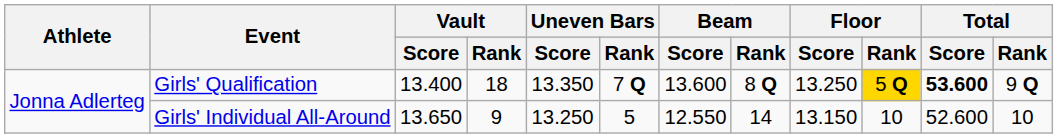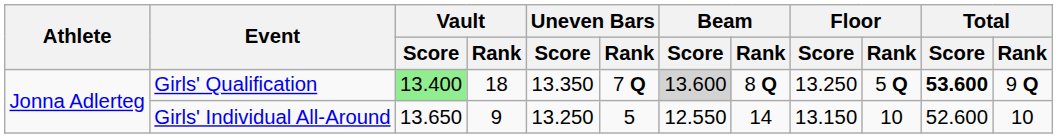 <table class="wikitable" border="1" style="font-size:90%">
 <tr>
 <th rowspan=2>Athlete</th>
 <th rowspan=2>Event</th>
 <th colspan=2>Vault</th>
 <th colspan=2>Uneven Bars</th>
 <th colspan=2>Beam</th>
 <th colspan=2>Floor</th>
 <th colspan=2>Total</th>
 </tr>
 <tr>
 <th>Score</th>
 <th>Rank</th>
 <th>Score</th>
 <th>Rank</th>
 <th>Score</th>
 <th>Rank</th>
 <th>Score</th>
 <th>Rank</th>
 <th>Score</th>
 <th>Rank</th>
 </tr>
 <tr>
 <td rowspan=2><a href='#'>Jonna Adlerteg</a></td>
 <td><a href='#'>Girls' Qualification</a></td>
-<td align=center>13.400</td>
+<td align=center style="background: lightgreen;">13.400</td>
 <td align=center>18</td>
 <td align=center>13.350</td>
 <td align=center>7 <strong>Q</strong></td>
-<td align=center>13.600</td>
+<td align=center style="background: lightgrey;">13.600</td>
 <td align=center>8 <strong>Q</strong></td>
 <td align=center>13.250</td>
-<td align=center style="background: gold;">5 <strong>Q</strong></td>
+<td align=center>5 <strong>Q</strong></td>
 <td align=center><strong>53.600</strong></td>
 <td align=center>9 <strong>Q</strong></td>
 </tr>
 <tr>
 <td><a href='#'>Girls' Individual All-Around</a></td>
 <td align=center>13.650</td>
 <td align=center>9</td>
 <td align=center>13.250</td>
 <td align=center>5</td>
 <td align=center>12.550</td>
 <td align=center>14</td>
 <td align=center>13.150</td>
 <td align=center>10</td>
 <td align=center>52.600</td>
 <td align=center>10</td>
 </tr>
 </table>
